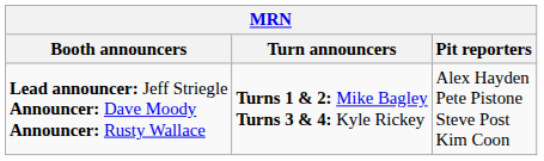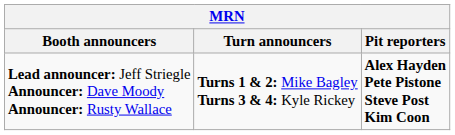 <table class="wikitable" style="font-size: 95%">
 <tr>
 <th colspan="3"><a href='#'>MRN</a></th>
 </tr>
 <tr>
 <th>Booth announcers</th>
 <th>Turn announcers</th>
 <th>Pit reporters</th>
 </tr>
 <tr>
 <td><strong>Lead announcer:</strong> Jeff Striegle<br><strong>Announcer:</strong> <a href='#'>Dave Moody</a><br><strong>Announcer:</strong> <a href='#'>Rusty Wallace</a></td>
 <td><strong>Turns 1 & 2:</strong> <a href='#'>Mike Bagley</a><br><strong>Turns 3 & 4:</strong> Kyle Rickey</td>
-<td>Alex Hayden<br>Pete Pistone<br>Steve Post<br>Kim Coon</td>
+<td><strong>Alex Hayden<br>Pete Pistone<br>Steve Post<br>Kim Coon</strong></td>
 </tr>
 </table>
